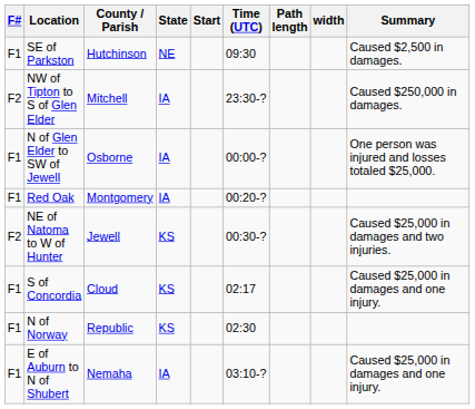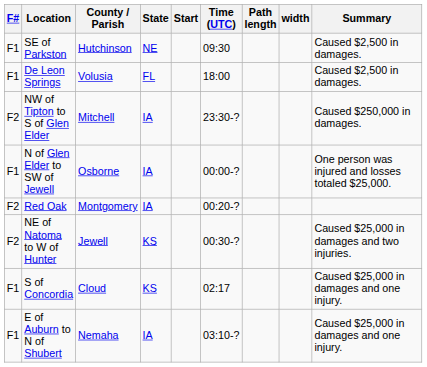 <table class="wikitable sortable" style="width:100%;">
 <tr>
 <th scope="col"  style="width:3%; text-align:center;"><a href='#'>F#</a></th>
 <th scope="col"  style="width:7%; text-align:center;" class="unsortable">Location</th>
 <th scope="col"  style="width:6%; text-align:center;" class="unsortable">County / Parish</th>
 <th scope="col"  style="width:5%; text-align:center;">State</th>
 <th scope="col"  style="width:6%; text-align:center;">Start<br></th>
 <th scope="col"  style="width:6%; text-align:center;">Time (<a href='#'>UTC</a>)</th>
 <th scope="col"  style="width:6%; text-align:center;">Path length</th>
 <th scope="col"  style="width:6%; text-align:center;"> width</th>
 <th scope="col" class="unsortable" style="width:48%; text-align:center;">Summary</th>
 </tr>
 <tr>
 <td>F1</td>
 <td>SE of <a href='#'>Parkston</a></td>
 <td><a href='#'>Hutchinson</a></td>
 <td><a href='#'>NE</a></td>
 <td></td>
 <td>09:30</td>
+<td></td>
+<td></td>
+<td>Caused $2,500 in damages.</td>
+</tr>
+<tr>
+<td>F1</td>
+<td><a href='#'>De Leon Springs</a></td>
+<td><a href='#'>Volusia</a></td>
+<td><a href='#'>FL</a></td>
+<td></td>
+<td>18:00</td>
 <td></td>
 <td></td>
 <td>Caused $2,500 in damages.</td>
 </tr>
 <tr>
 <td>F2</td>
 <td>NW of <a href='#'>Tipton</a> to S of <a href='#'>Glen Elder</a></td>
 <td><a href='#'>Mitchell</a></td>
 <td><a href='#'>IA</a></td>
 <td></td>
 <td>23:30-?</td>
 <td></td>
 <td></td>
 <td>Caused $250,000 in damages.</td>
 </tr>
 <tr>
 <td>F1</td>
 <td>N of <a href='#'>Glen Elder</a> to SW of <a href='#'>Jewell</a></td>
 <td><a href='#'>Osborne</a></td>
 <td><a href='#'>IA</a></td>
 <td></td>
 <td>00:00-?</td>
 <td></td>
 <td></td>
 <td>One person was injured and losses totaled $25,000.</td>
 </tr>
 <tr>
-<td>F1</td>
+<td>F2</td>
 <td><a href='#'>Red Oak</a></td>
 <td><a href='#'>Montgomery</a></td>
 <td><a href='#'>IA</a></td>
 <td></td>
 <td>00:20-?</td>
 <td></td>
 <td></td>
 <td></td>
 </tr>
 <tr>
 <td>F2</td>
 <td>NE of <a href='#'>Natoma</a> to W of <a href='#'>Hunter</a></td>
 <td><a href='#'>Jewell</a></td>
 <td><a href='#'>KS</a></td>
 <td></td>
 <td>00:30-?</td>
 <td></td>
 <td></td>
 <td>Caused $25,000 in damages and two injuries.</td>
 </tr>
 <tr>
 <td>F1</td>
 <td>S of <a href='#'>Concordia</a></td>
 <td><a href='#'>Cloud</a></td>
 <td><a href='#'>KS</a></td>
 <td></td>
 <td>02:17</td>
 <td></td>
 <td></td>
 <td>Caused $25,000 in damages and one injury.</td>
 </tr>
 <tr>
 <td>F1</td>
-<td>N of <a href='#'>Norway</a></td>
-<td><a href='#'>Republic</a></td>
-<td><a href='#'>KS</a></td>
-<td></td>
-<td>02:30</td>
-<td></td>
-<td></td>
-<td></td>
-</tr>
-<tr>
-<td>F1</td>
 <td>E of <a href='#'>Auburn</a> to N of <a href='#'>Shubert</a></td>
 <td><a href='#'>Nemaha</a></td>
 <td><a href='#'>IA</a></td>
 <td></td>
 <td>03:10-?</td>
 <td></td>
 <td></td>
 <td>Caused $25,000 in damages and one injury.</td>
 </tr>
 </table>
